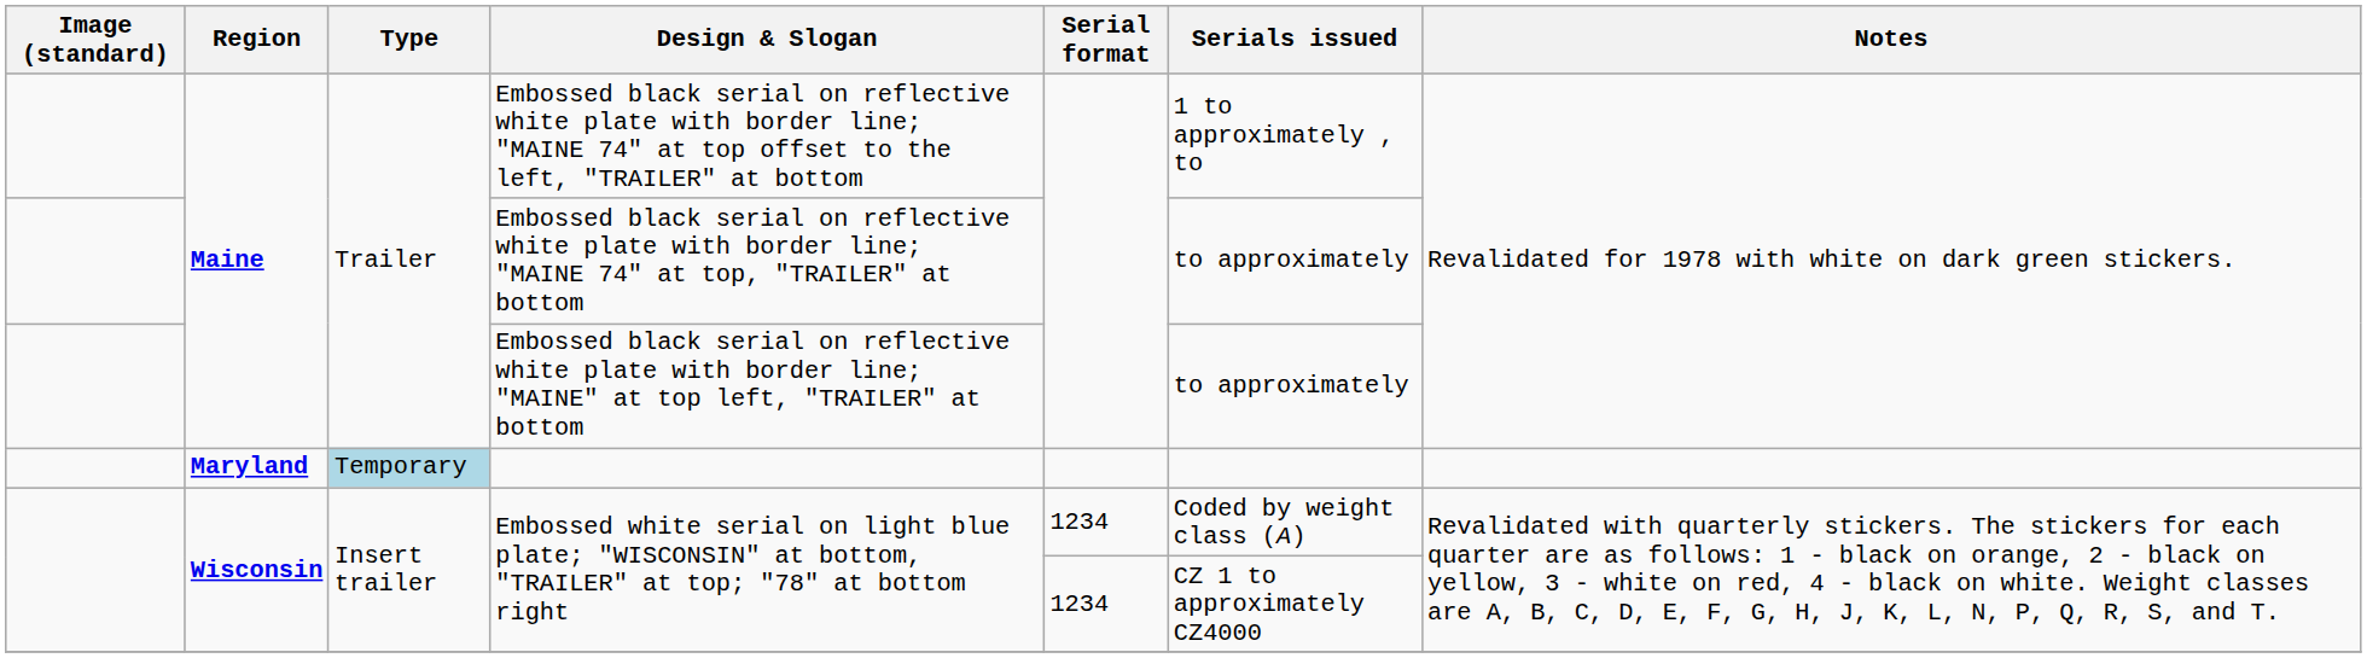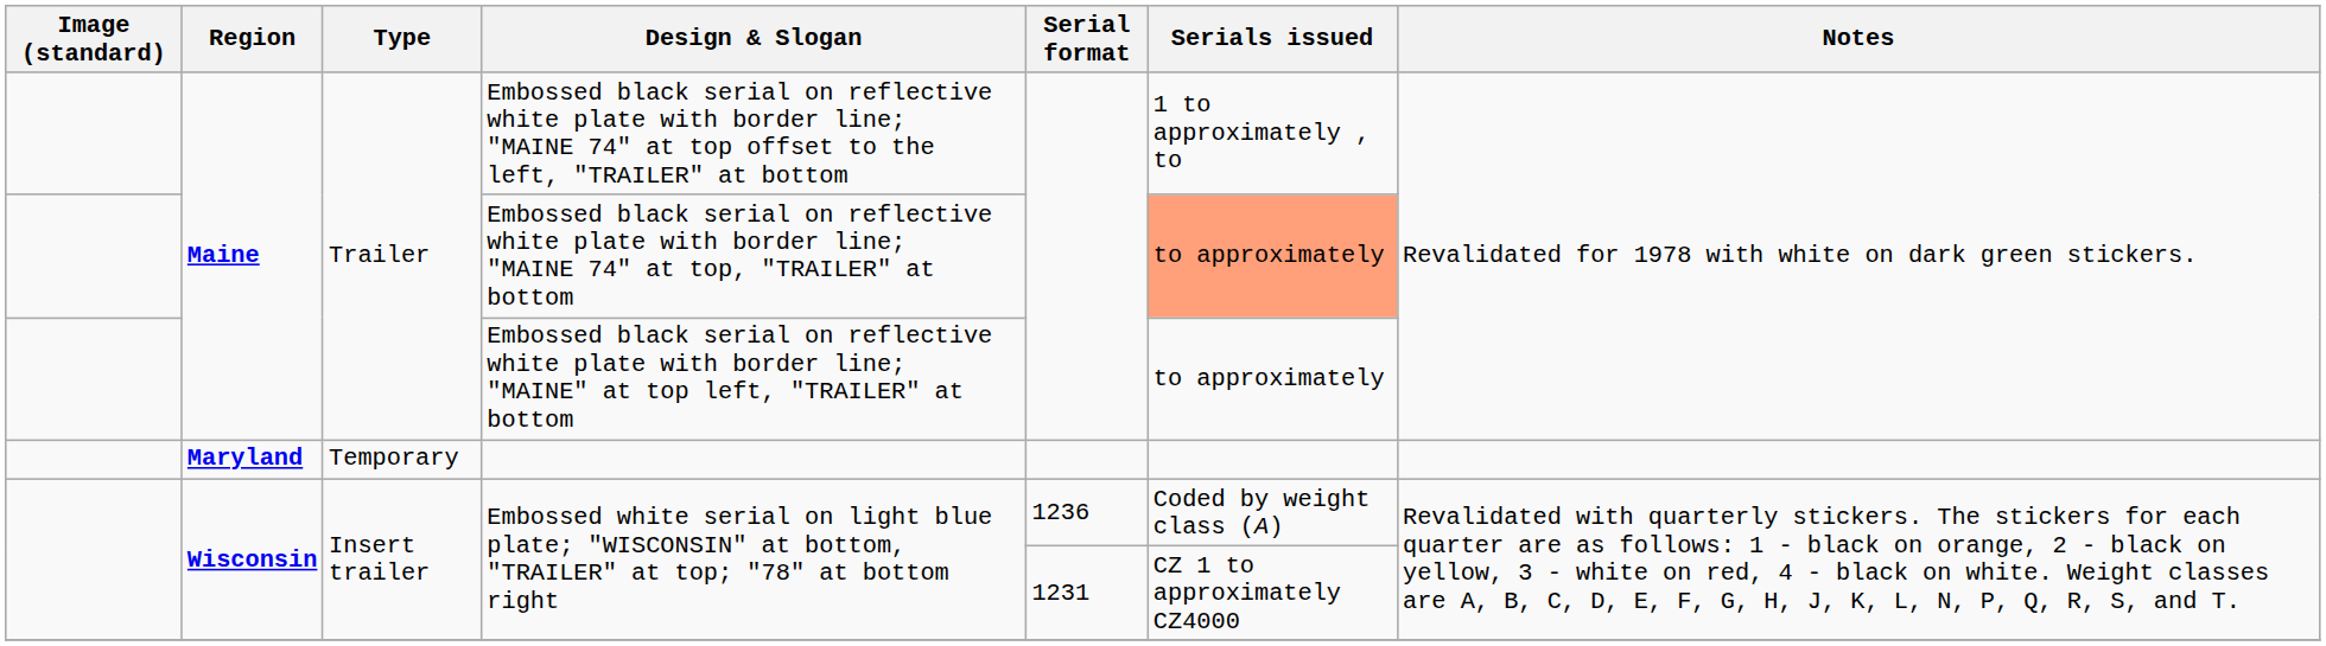 <table class="wikitable">
 <tr>
 <th>Image (standard)</th>
 <th>Region</th>
 <th>Type</th>
 <th>Design & Slogan</th>
 <th>Serial format</th>
 <th>Serials issued</th>
 <th>Notes</th>
 </tr>
 <tr>
 <td></td>
 <td rowspan="3"><a href='#'><strong>Maine</strong></a></td>
 <td rowspan="3">Trailer</td>
 <td>Embossed black serial on reflective white plate with border line; "MAINE 74" at top offset to the left, "TRAILER" at bottom</td>
 <td rowspan="3"></td>
 <td>1 to approximately ,  to </td>
 <td rowspan="3">Revalidated for 1978 with white on dark green stickers.</td>
 </tr>
 <tr>
 <td></td>
 <td>Embossed black serial on reflective white plate with border line; "MAINE 74" at top, "TRAILER" at bottom</td>
-<td> to approximately </td>
+<td style="background: lightsalmon;"> to approximately </td>
 </tr>
 <tr>
 <td></td>
 <td>Embossed black serial on reflective white plate with border line; "MAINE" at top left, "TRAILER" at bottom</td>
 <td> to approximately </td>
 </tr>
 <tr>
 <td></td>
 <td><a href='#'><strong>Maryland</strong></a></td>
-<td style="background: lightblue;">Temporary</td>
+<td>Temporary</td>
 <td></td>
 <td></td>
 <td></td>
 </tr>
 <tr>
 <td rowspan="2"></td>
 <td rowspan="2"><a href='#'><strong>Wisconsin</strong></a></td>
 <td rowspan="2">Insert trailer</td>
 <td rowspan="2">Embossed white serial on light blue plate; "WISCONSIN" at bottom, "TRAILER" at top; "78" at bottom right</td>
-<td>1234</td>
+<td>1236</td>
 <td>Coded by weight class (<em>A</em>)</td>
 <td rowspan="2">Revalidated with quarterly stickers. The stickers for each quarter are as follows: 1 - black on orange, 2 - black on yellow, 3 - white on red, 4 - black on white. Weight classes are A, B, C, D, E, F, G, H, J, K, L, N, P, Q, R, S, and T.</td>
 </tr>
 <tr>
-<td>1234</td>
+<td>1231</td>
 <td>CZ 1 to approximately CZ4000</td>
 </tr>
 <tr>
 </tr>
 </table>
